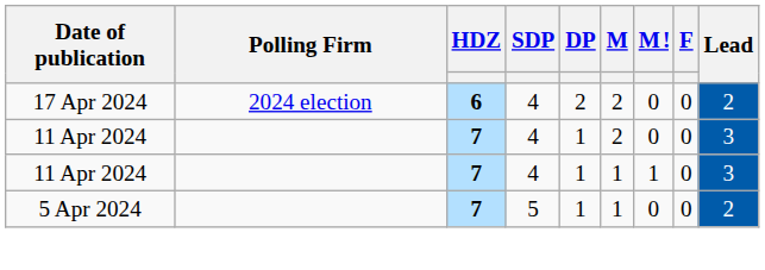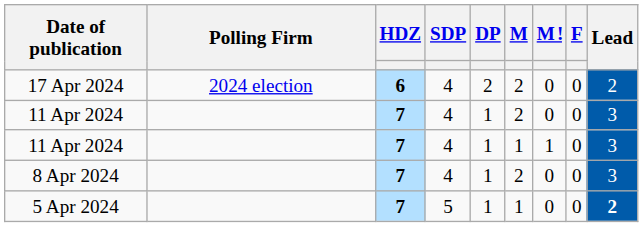 <table class="wikitable sortable" style="text-align:center; font-size:90%; line-height:16px;">
 <tr style="height:42px;">
 <th style="width:100px;" rowspan="2">Date of publication</th>
 <th style="width:165px;" rowspan="2">Polling Firm</th>
 <th><a href='#'>HDZ</a></th>
 <th><a href='#'>SDP</a></th>
 <th><a href='#'>DP</a></th>
 <th><a href='#'>M</a></th>
 <th style="letter-spacing:-1px;"><a href='#'>M !</a></th>
 <th><a href='#'>F</a></th>
 <th class="unsortable" style="width:20px;" rowspan="2">Lead</th>
 </tr>
 <tr>
 <th style="color:inherit;background:"></th>
 <th data-sort-type="number" style="color:inherit;background:"></th>
 <th style="color:inherit;background:"></th>
 <th style="color:inherit;background:"></th>
 <th style="color:inherit;background:"></th>
 <th style="color:inherit;background:"></th>
 </tr>
 <tr>
 <td>17 Apr 2024</td>
 <td><a href='#'>2024 election</a></td>
 <td style="background:#B3E0FF"><strong>6</strong></td>
 <td>4</td>
 <td>2</td>
 <td>2</td>
 <td>0</td>
 <td>0</td>
 <td style="background:#005BAA; color: white">2</td>
 </tr>
 <tr>
 <td>11 Apr 2024</td>
 <td></td>
 <td style="background:#B3E0FF"><strong>7</strong></td>
 <td>4</td>
 <td>1</td>
 <td>2</td>
 <td>0</td>
 <td>0</td>
 <td style="background:#005BAA; color: white">3</td>
 </tr>
 <tr>
 <td>11 Apr 2024</td>
 <td></td>
 <td style="background:#B3E0FF"><strong>7</strong></td>
 <td>4</td>
 <td>1</td>
 <td>1</td>
 <td>1</td>
 <td>0</td>
 <td style="background:#005BAA; color: white">3</td>
 </tr>
 <tr>
+<td>8 Apr 2024</td>
+<td></td>
+<td style="background:#B3E0FF"><strong>7</strong></td>
+<td>4</td>
+<td>1</td>
+<td>2</td>
+<td>0</td>
+<td>0</td>
+<td style="background:#005BAA; color: white">3</td>
+</tr>
+<tr>
 <td>5 Apr 2024</td>
 <td></td>
 <td style="background:#B3E0FF"><strong>7</strong></td>
 <td>5</td>
 <td>1</td>
 <td>1</td>
 <td>0</td>
 <td>0</td>
-<td style="background:#005BAA; color: white">2</td>
+<td style="background:#005BAA; color: white"><strong>2</strong></td>
 </tr>
 </table>
